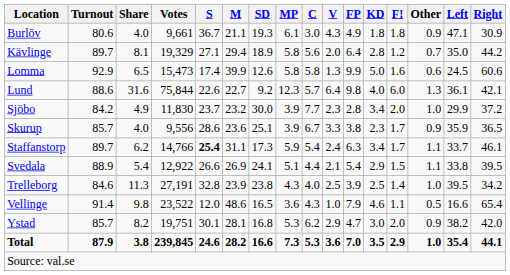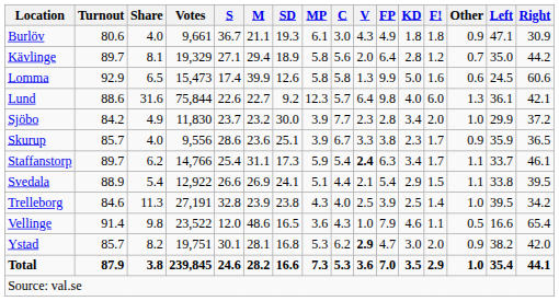 <table class="wikitable sortable" style=text-align:right>
 <tr>
 <th>Location</th>
 <th>Turnout</th>
 <th>Share</th>
 <th>Votes</th>
 <th><a href='#'>S</a></th>
 <th><a href='#'>M</a></th>
 <th><a href='#'>SD</a></th>
 <th><a href='#'>MP</a></th>
 <th><a href='#'>C</a></th>
 <th><a href='#'>V</a></th>
 <th><a href='#'>FP</a></th>
 <th><a href='#'>KD</a></th>
 <th><a href='#'>F!</a></th>
 <th>Other</th>
 <th><a href='#'>Left</a></th>
 <th><a href='#'>Right</a></th>
 </tr>
 <tr>
 <td align=left><a href='#'>Burlöv</a></td>
 <td>80.6</td>
 <td>4.0</td>
 <td>9,661</td>
 <td>36.7</td>
 <td>21.1</td>
 <td>19.3</td>
 <td>6.1</td>
 <td>3.0</td>
 <td>4.3</td>
 <td>4.9</td>
 <td>1.8</td>
 <td>1.8</td>
 <td>0.9</td>
 <td>47.1</td>
 <td>30.9</td>
 </tr>
 <tr>
 <td align=left><a href='#'>Kävlinge</a></td>
 <td>89.7</td>
 <td>8.1</td>
 <td>19,329</td>
 <td>27.1</td>
 <td>29.4</td>
 <td>18.9</td>
 <td>5.8</td>
 <td>5.6</td>
 <td>2.0</td>
 <td>6.4</td>
 <td>2.8</td>
 <td>1.2</td>
 <td>0.7</td>
 <td>35.0</td>
 <td>44.2</td>
 </tr>
 <tr>
 <td align=left><a href='#'>Lomma</a></td>
 <td>92.9</td>
 <td>6.5</td>
 <td>15,473</td>
 <td>17.4</td>
 <td>39.9</td>
 <td>12.6</td>
 <td>5.8</td>
 <td>5.8</td>
 <td>1.3</td>
 <td>9.9</td>
 <td>5.0</td>
 <td>1.6</td>
 <td>0.6</td>
 <td>24.5</td>
 <td>60.6</td>
 </tr>
 <tr>
 <td align=left><a href='#'>Lund</a></td>
 <td>88.6</td>
 <td>31.6</td>
 <td>75,844</td>
 <td>22.6</td>
 <td>22.7</td>
 <td>9.2</td>
 <td>12.3</td>
 <td>5.7</td>
 <td>6.4</td>
 <td>9.8</td>
 <td>4.0</td>
 <td>6.0</td>
 <td>1.3</td>
 <td>36.1</td>
 <td>42.1</td>
 </tr>
 <tr>
 <td align=left><a href='#'>Sjöbo</a></td>
 <td>84.2</td>
 <td>4.9</td>
 <td>11,830</td>
 <td>23.7</td>
 <td>23.2</td>
 <td>30.0</td>
 <td>3.9</td>
 <td>7.7</td>
 <td>2.3</td>
 <td>2.8</td>
 <td>3.4</td>
 <td>2.0</td>
 <td>1.0</td>
 <td>29.9</td>
 <td>37.2</td>
 </tr>
 <tr>
 <td align=left><a href='#'>Skurup</a></td>
 <td>85.7</td>
 <td>4.0</td>
 <td>9,556</td>
 <td>28.6</td>
 <td>23.6</td>
 <td>25.1</td>
 <td>3.9</td>
 <td>6.7</td>
 <td>3.3</td>
 <td>3.8</td>
 <td>2.3</td>
 <td>1.7</td>
 <td>0.9</td>
 <td>35.9</td>
 <td>36.5</td>
 </tr>
 <tr>
 <td align=left><a href='#'>Staffanstorp</a></td>
 <td>89.7</td>
 <td>6.2</td>
 <td>14,766</td>
-<td><strong>25.4</strong></td>
+<td>25.4</td>
 <td>31.1</td>
 <td>17.3</td>
 <td>5.9</td>
 <td>5.4</td>
-<td>2.4</td>
+<td><strong>2.4</strong></td>
 <td>6.3</td>
 <td>3.4</td>
 <td>1.7</td>
 <td>1.1</td>
 <td>33.7</td>
 <td>46.1</td>
 </tr>
 <tr>
 <td align=left><a href='#'>Svedala</a></td>
 <td>88.9</td>
 <td>5.4</td>
 <td>12,922</td>
 <td>26.6</td>
 <td>26.9</td>
 <td>24.1</td>
 <td>5.1</td>
 <td>4.4</td>
 <td>2.1</td>
 <td>5.4</td>
 <td>2.9</td>
 <td>1.5</td>
 <td>1.1</td>
 <td>33.8</td>
 <td>39.5</td>
 </tr>
 <tr>
 <td align=left><a href='#'>Trelleborg</a></td>
 <td>84.6</td>
 <td>11.3</td>
 <td>27,191</td>
 <td>32.8</td>
 <td>23.9</td>
 <td>23.8</td>
 <td>4.3</td>
 <td>4.0</td>
 <td>2.5</td>
 <td>3.9</td>
 <td>2.5</td>
 <td>1.4</td>
 <td>1.0</td>
 <td>39.5</td>
 <td>34.2</td>
 </tr>
 <tr>
 <td align=left><a href='#'>Vellinge</a></td>
 <td>91.4</td>
 <td>9.8</td>
 <td>23,522</td>
 <td>12.0</td>
 <td>48.6</td>
 <td>16.5</td>
 <td>3.6</td>
 <td>4.3</td>
 <td>1.0</td>
 <td>7.9</td>
 <td>4.6</td>
 <td>1.1</td>
 <td>0.5</td>
 <td>16.6</td>
 <td>65.4</td>
 </tr>
 <tr>
 <td align=left><a href='#'>Ystad</a></td>
 <td>85.7</td>
 <td>8.2</td>
 <td>19,751</td>
 <td>30.1</td>
 <td>28.1</td>
 <td>16.8</td>
 <td>5.3</td>
 <td>6.2</td>
-<td>2.9</td>
+<td><strong>2.9</strong></td>
 <td>4.7</td>
 <td>3.0</td>
 <td>2.0</td>
 <td>0.9</td>
 <td>38.2</td>
 <td>42.0</td>
 </tr>
 <tr>
 <td align=left><strong>Total</strong></td>
 <td><strong>87.9</strong></td>
 <td><strong>3.8</strong></td>
 <td><strong>239,845</strong></td>
 <td><strong>24.6</strong></td>
 <td><strong>28.2</strong></td>
 <td><strong>16.6</strong></td>
 <td><strong>7.3</strong></td>
 <td><strong>5.3</strong></td>
 <td><strong>3.6</strong></td>
 <td><strong>7.0</strong></td>
 <td><strong>3.5</strong></td>
 <td><strong>2.9</strong></td>
 <td><strong>1.0</strong></td>
 <td><strong>35.4</strong></td>
 <td><strong>44.1</strong></td>
 </tr>
 <tr>
 <td align=left colspan=16>Source: val.se </td>
 </tr>
 </table>
